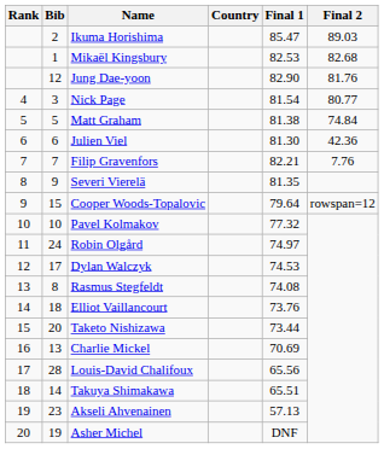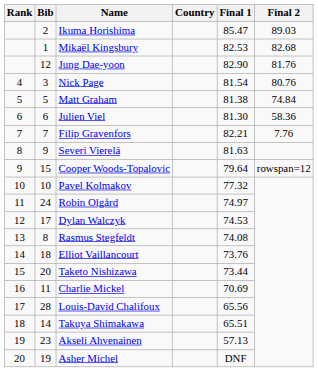 <table class="wikitable sortable" style="text-align:center">
 <tr>
 <th>Rank</th>
 <th>Bib</th>
 <th>Name</th>
 <th>Country</th>
 <th>Final 1</th>
 <th>Final 2</th>
 </tr>
 <tr>
 <td></td>
 <td>2</td>
 <td align=left><a href='#'>Ikuma Horishima</a></td>
 <td align=left></td>
 <td>85.47</td>
 <td>89.03</td>
 </tr>
 <tr>
 <td></td>
 <td>1</td>
 <td align=left><a href='#'>Mikaël Kingsbury</a></td>
 <td align=left></td>
 <td>82.53</td>
 <td>82.68</td>
 </tr>
 <tr>
 <td></td>
 <td>12</td>
 <td align=left><a href='#'>Jung Dae-yoon</a></td>
 <td align=left></td>
 <td>82.90</td>
 <td>81.76</td>
 </tr>
 <tr>
 <td>4</td>
 <td>3</td>
 <td align=left><a href='#'>Nick Page</a></td>
 <td align=left></td>
 <td>81.54</td>
-<td>80.77</td>
+<td>80.76</td>
 </tr>
 <tr>
 <td>5</td>
 <td>5</td>
 <td align=left><a href='#'>Matt Graham</a></td>
 <td align=left></td>
 <td>81.38</td>
 <td>74.84</td>
 </tr>
 <tr>
 <td>6</td>
 <td>6</td>
 <td align=left><a href='#'>Julien Viel</a></td>
 <td align=left></td>
 <td>81.30</td>
-<td>42.36</td>
+<td>58.36</td>
 </tr>
 <tr>
 <td>7</td>
 <td>7</td>
 <td align=left><a href='#'>Filip Gravenfors</a></td>
 <td align=left></td>
 <td>82.21</td>
 <td>7.76</td>
 </tr>
 <tr>
 <td>8</td>
 <td>9</td>
 <td align=left><a href='#'>Severi Vierelä</a></td>
 <td align=left></td>
-<td>81.35</td>
+<td>81.63</td>
 <td></td>
 </tr>
 <tr>
 <td>9</td>
 <td>15</td>
 <td align=left><a href='#'>Cooper Woods-Topalovic</a></td>
 <td align=left></td>
 <td>79.64</td>
 <td>rowspan=12 </td>
 </tr>
 <tr>
 <td>10</td>
 <td>10</td>
 <td align=left><a href='#'>Pavel Kolmakov</a></td>
 <td align=left></td>
 <td>77.32</td>
 </tr>
 <tr>
 <td>11</td>
 <td>24</td>
 <td align=left><a href='#'>Robin Olgård</a></td>
 <td align=left></td>
 <td>74.97</td>
 </tr>
 <tr>
 <td>12</td>
 <td>17</td>
 <td align=left><a href='#'>Dylan Walczyk</a></td>
 <td align=left></td>
 <td>74.53</td>
 </tr>
 <tr>
 <td>13</td>
 <td>8</td>
 <td align=left><a href='#'>Rasmus Stegfeldt</a></td>
 <td align=left></td>
 <td>74.08</td>
 </tr>
 <tr>
 <td>14</td>
 <td>18</td>
 <td align=left><a href='#'>Elliot Vaillancourt</a></td>
 <td align=left></td>
 <td>73.76</td>
 </tr>
 <tr>
 <td>15</td>
 <td>20</td>
 <td align=left><a href='#'>Taketo Nishizawa</a></td>
 <td align=left></td>
 <td>73.44</td>
 </tr>
 <tr>
 <td>16</td>
-<td>13</td>
+<td>11</td>
 <td align=left><a href='#'>Charlie Mickel</a></td>
 <td align=left></td>
 <td>70.69</td>
 </tr>
 <tr>
 <td>17</td>
 <td>28</td>
 <td align=left><a href='#'>Louis-David Chalifoux</a></td>
 <td align=left></td>
 <td>65.56</td>
 </tr>
 <tr>
 <td>18</td>
 <td>14</td>
 <td align=left><a href='#'>Takuya Shimakawa</a></td>
 <td align=left></td>
 <td>65.51</td>
 </tr>
 <tr>
 <td>19</td>
 <td>23</td>
 <td align=left><a href='#'>Akseli Ahvenainen</a></td>
 <td align=left></td>
 <td>57.13</td>
 </tr>
 <tr>
 <td>20</td>
 <td>19</td>
 <td align=left><a href='#'>Asher Michel</a></td>
 <td align=left></td>
 <td>DNF</td>
 </tr>
 </table>
